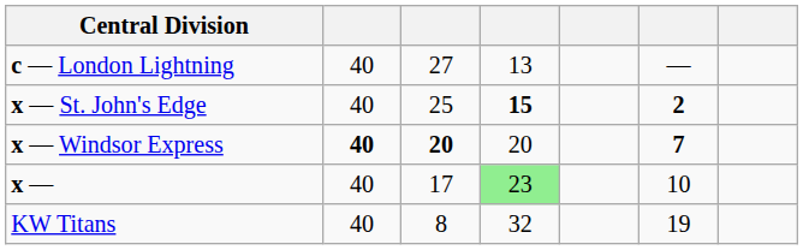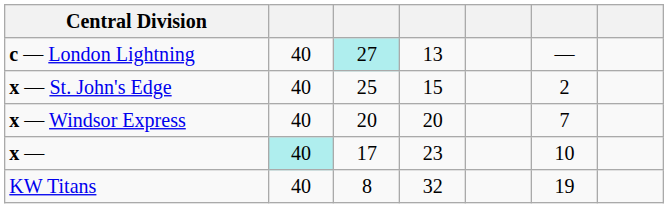 <table class="wikitable" width="500" style="font-size:95%; text-align:center">
 <tr>
 <th width="30%">Central Division</th>
 <th width="7.5%"></th>
 <th width="7.5%"></th>
 <th width="7.5%"></th>
 <th width="7.5%"></th>
 <th width="7.5%"></th>
 <th width="7.5%"></th>
 </tr>
 <tr>
 <td style="text-align:left;"><strong>c</strong> — <a href='#'>London Lightning</a></td>
 <td>40</td>
-<td>27</td>
+<td style="background: paleturquoise;">27</td>
 <td>13</td>
 <td></td>
 <td>—</td>
 <td></td>
 </tr>
 <tr>
 <td style="text-align:left;"><strong>x</strong> — <a href='#'>St. John's Edge</a></td>
 <td>40</td>
 <td>25</td>
-<td><strong>15</strong></td>
+<td>15</td>
 <td></td>
-<td><strong>2</strong></td>
+<td>2</td>
 <td></td>
 </tr>
 <tr>
 <td style="text-align:left;"><strong>x</strong> — <a href='#'>Windsor Express</a></td>
-<td><strong>40</strong></td>
-<td><strong>20</strong></td>
+<td>40</td>
+<td>20</td>
 <td>20</td>
 <td></td>
-<td><strong>7</strong></td>
+<td>7</td>
 <td></td>
 </tr>
 <tr>
 <td style="text-align:left;"><strong>x</strong> — </td>
-<td>40</td>
+<td style="background: paleturquoise;">40</td>
 <td>17</td>
-<td style="background: lightgreen;">23</td>
+<td>23</td>
 <td></td>
 <td>10</td>
 <td></td>
 </tr>
 <tr>
 <td style="text-align:left;"><a href='#'>KW Titans</a></td>
 <td>40</td>
 <td>8</td>
 <td>32</td>
 <td></td>
 <td>19</td>
 <td></td>
 </tr>
 </table>
